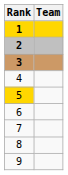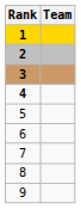 <table class="wikitable" style="text-align:center">
 <tr>
 <th>Rank</th>
 <th>Team</th>
 </tr>
 <tr bgcolor="gold">
 <td><strong>1</strong></td>
 <td align="left"></td>
 </tr>
 <tr bgcolor="silver">
 <td><strong>2</strong></td>
 <td align="left"></td>
 </tr>
 <tr bgcolor="#CC9966">
 <td><strong>3</strong></td>
 <td align="left"></td>
 </tr>
 <tr>
-<td>4</td>
+<td><strong>4</strong></td>
 <td align="left"></td>
 </tr>
 <tr>
-<td style="background: gold;">5</td>
+<td>5</td>
 <td align="left"></td>
 </tr>
 <tr>
 <td>6</td>
 <td align="left"></td>
 </tr>
 <tr>
 <td>7</td>
 <td align="left"></td>
 </tr>
 <tr>
 <td>8</td>
 <td align="left"></td>
 </tr>
 <tr>
 <td>9</td>
 <td align="left"></td>
 </tr>
 </table>
